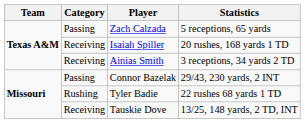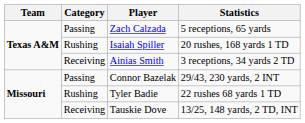 <table class="wikitable" style="float: right;">
 <tr>
 <th>Team</th>
 <th>Category</th>
 <th>Player</th>
 <th>Statistics</th>
 </tr>
 <tr>
 <td rowspan=3><strong>Texas A&M</strong></td>
 <td>Passing</td>
 <td><a href='#'>Zach Calzada</a></td>
 <td>5 receptions, 65 yards</td>
 </tr>
 <tr>
-<td>Receiving</td>
+<td>Rushing</td>
 <td><a href='#'>Isaiah Spiller</a></td>
 <td>20 rushes, 168 yards 1 TD</td>
 </tr>
 <tr>
 <td>Receiving</td>
 <td><a href='#'>Ainias Smith</a></td>
 <td>3 receptions, 34 yards 2 TD</td>
 </tr>
 <tr>
 <td rowspan=3><strong>Missouri</strong></td>
 <td>Passing</td>
 <td>Connor Bazelak</td>
 <td>29/43, 230 yards, 2 INT</td>
 </tr>
 <tr>
 <td>Rushing</td>
 <td>Tyler Badie</td>
 <td>22 rushes 68 yards 1 TD</td>
 </tr>
 <tr>
 <td>Receiving</td>
 <td>Tauskie Dove</td>
 <td>13/25, 148 yards, 2 TD, INT</td>
 </tr>
 </table>
